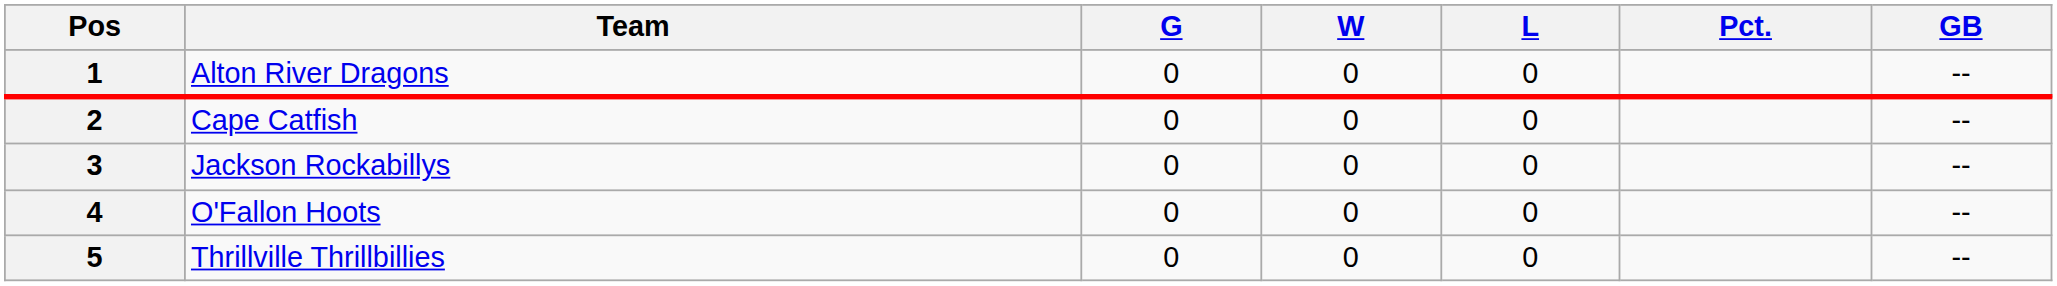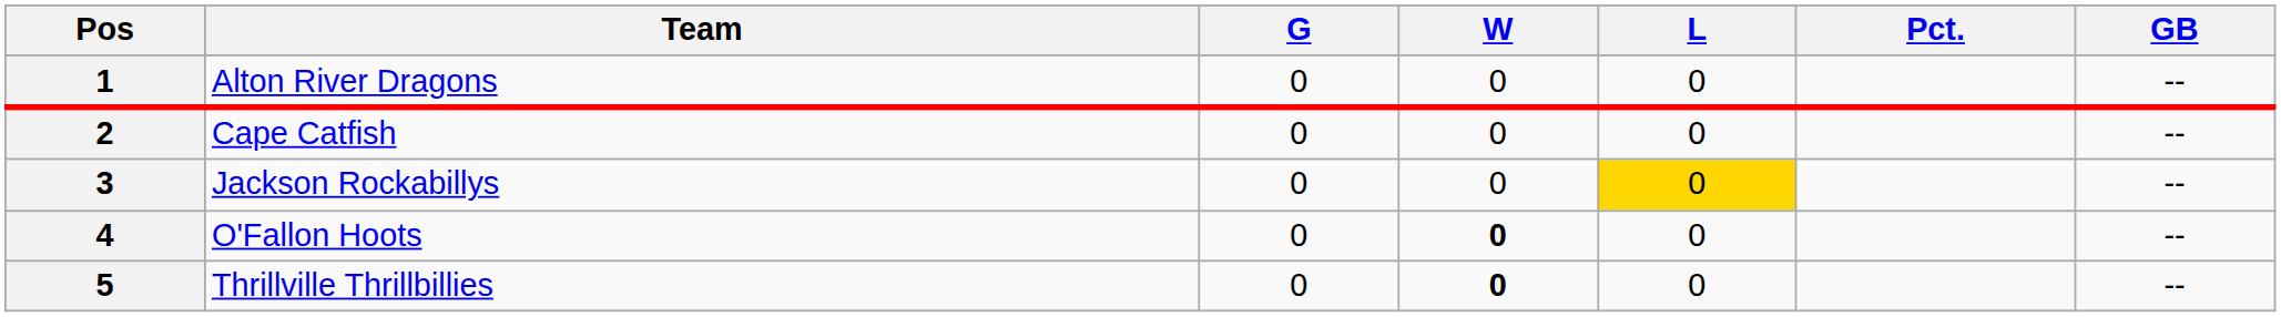 <table class="wikitable plainrowheaders" width="90%" style="text-align:center;">
 <tr>
 <th scope="col" width="5%">Pos</th>
 <th scope="col" width="25%">Team</th>
 <th scope="col" width="5%"><a href='#'>G</a></th>
 <th scope="col" width="5%"><a href='#'>W</a></th>
 <th scope="col" width="5%"><a href='#'>L</a></th>
 <th scope="col" width="7%"><a href='#'>Pct.</a></th>
 <th scope="col" width="5%"><a href='#'>GB</a></th>
 </tr>
 <tr>
 <th>1</th>
 <td style="text-align:left;"><a href='#'>Alton River Dragons</a></td>
 <td>0</td>
 <td>0</td>
 <td>0</td>
 <td></td>
 <td>--</td>
 </tr>
 <tr>
 </tr>
 <tr |- style="border-top:3px solid red;">
 <th>2</th>
 <td style="text-align:left;"><a href='#'>Cape Catfish</a></td>
 <td>0</td>
 <td>0</td>
 <td>0</td>
 <td></td>
 <td>--</td>
 </tr>
 <tr>
 <th>3</th>
 <td style="text-align:left;"><a href='#'>Jackson Rockabillys</a></td>
 <td>0</td>
 <td>0</td>
-<td>0</td>
+<td style="background: gold;">0</td>
 <td></td>
 <td>--</td>
 </tr>
 <tr>
 <th>4</th>
 <td style="text-align:left;"><a href='#'>O'Fallon Hoots</a></td>
 <td>0</td>
-<td>0</td>
+<td><strong>0</strong></td>
 <td>0</td>
 <td></td>
 <td>--</td>
 </tr>
 <tr>
 <th>5</th>
 <td style="text-align:left;"><a href='#'>Thrillville Thrillbillies</a></td>
 <td>0</td>
-<td>0</td>
+<td><strong>0</strong></td>
 <td>0</td>
 <td></td>
 <td>--</td>
 </tr>
 </table>
